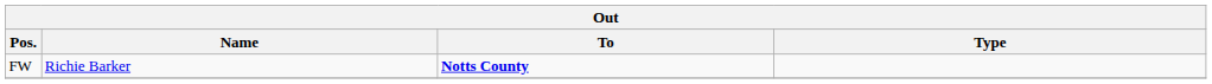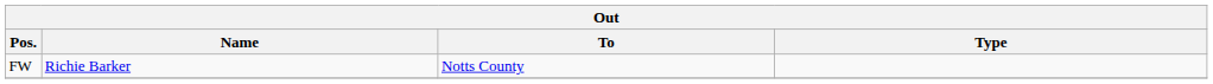 <table class="wikitable" style="font-size:100%;width:99%;">
 <tr>
 <th colspan="4">Out</th>
 </tr>
 <tr>
 <th width=3%>Pos.</th>
 <th width=33%>Name</th>
 <th width=28%>To</th>
 <th width=36%>Type</th>
 </tr>
 <tr>
 <td>FW</td>
 <td><a href='#'>Richie Barker</a></td>
-<td><strong><a href='#'>Notts County</a></strong></td>
+<td><a href='#'>Notts County</a></td>
 <td></td>
 </tr>
 <tr>
 </tr>
 </table>
